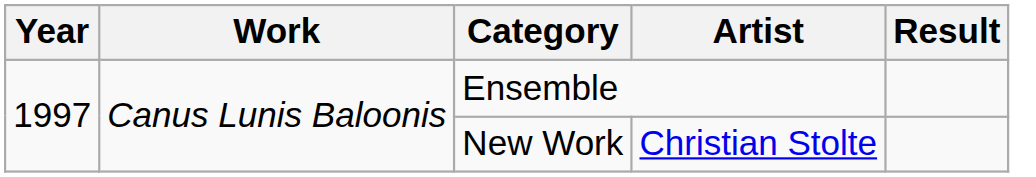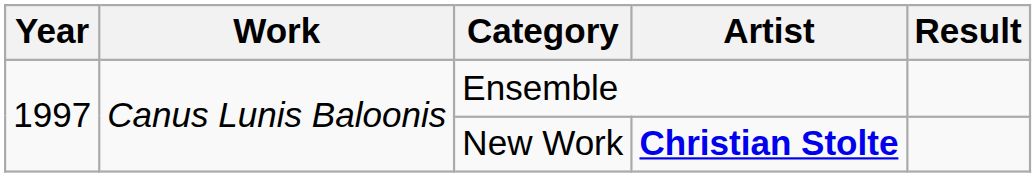 <table class="wikitable sortable">
 <tr>
 <th>Year</th>
 <th>Work</th>
 <th>Category</th>
 <th>Artist</th>
 <th>Result</th>
 </tr>
 <tr>
 <td rowspan=2>1997</td>
 <td rowspan=2><em>Canus Lunis Baloonis</em></td>
 <td colspan=2>Ensemble</td>
 <td></td>
 </tr>
 <tr>
 <td>New Work</td>
-<td><a href='#'>Christian Stolte</a></td>
+<td><strong><a href='#'>Christian Stolte</a></strong></td>
 <td></td>
 </tr>
 </table>
